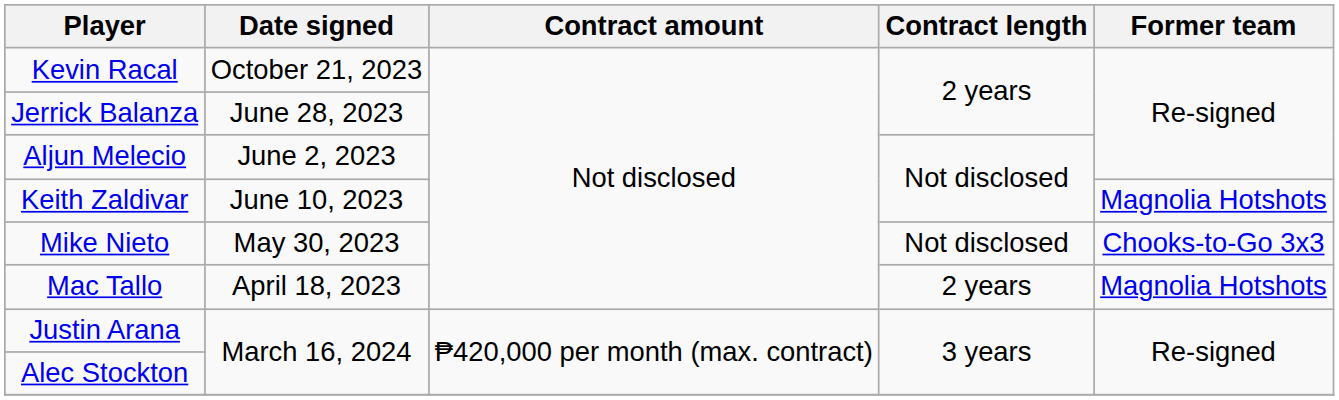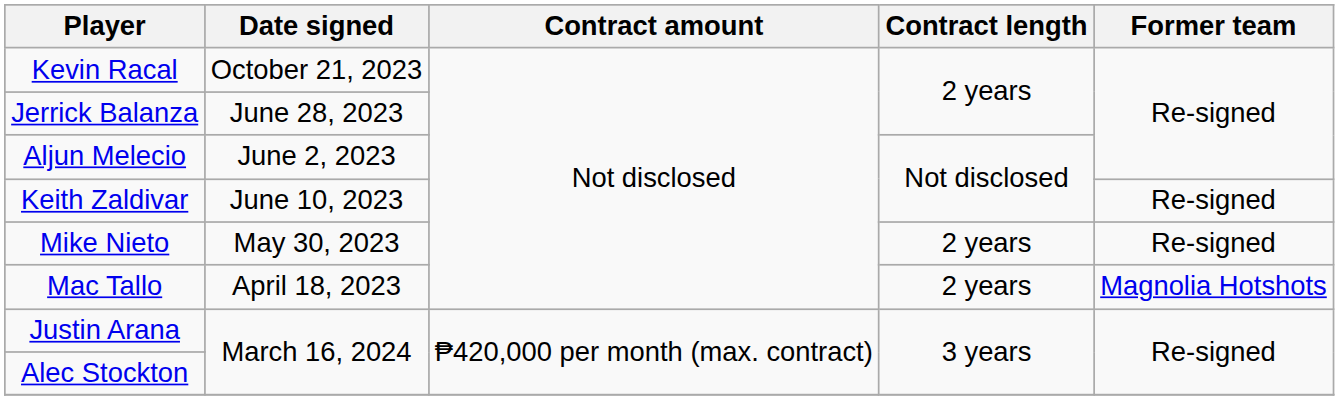 <table class="wikitable sortable sortable">
 <tr>
 <th>Player</th>
 <th>Date signed</th>
 <th>Contract amount</th>
 <th>Contract length</th>
 <th>Former team</th>
 </tr>
 <tr>
 <td align=center><a href='#'>Kevin Racal</a></td>
 <td align=center>October 21, 2023</td>
 <td align=center rowspan=6>Not disclosed</td>
 <td align=center rowspan=2>2 years</td>
 <td align=center rowspan=3>Re-signed</td>
 </tr>
 <tr>
 <td align=center><a href='#'>Jerrick Balanza</a></td>
 <td align=center>June 28, 2023</td>
 </tr>
 <tr>
 <td align=center><a href='#'>Aljun Melecio</a></td>
 <td align=center>June 2, 2023</td>
 <td align=center rowspan=2>Not disclosed</td>
 </tr>
 <tr>
 <td align=center><a href='#'>Keith Zaldivar</a></td>
 <td align=center>June 10, 2023</td>
-<td align=center><a href='#'>Magnolia Hotshots</a></td>
+<td align=center>Re-signed</td>
 </tr>
 <tr>
 <td align=center><a href='#'>Mike Nieto</a></td>
 <td align=center>May 30, 2023</td>
-<td align=center>Not disclosed</td>
-<td align=center><a href='#'>Chooks-to-Go 3x3</a></td>
+<td align=center>2 years</td>
+<td align=center>Re-signed</td>
 </tr>
 <tr>
 <td align=center><a href='#'>Mac Tallo</a></td>
 <td align=center>April 18, 2023</td>
 <td align=center>2 years</td>
 <td align=center><a href='#'>Magnolia Hotshots</a></td>
 </tr>
 <tr>
 <td align=center><a href='#'>Justin Arana</a></td>
 <td align=center rowspan=2>March 16, 2024</td>
 <td align=center rowspan=2>₱420,000 per month (max. contract)</td>
 <td align=center rowspan=2>3 years</td>
 <td align=center rowspan=2>Re-signed</td>
 </tr>
 <tr>
 <td align=center><a href='#'>Alec Stockton</a></td>
 </tr>
 <tr>
 </tr>
 </table>
